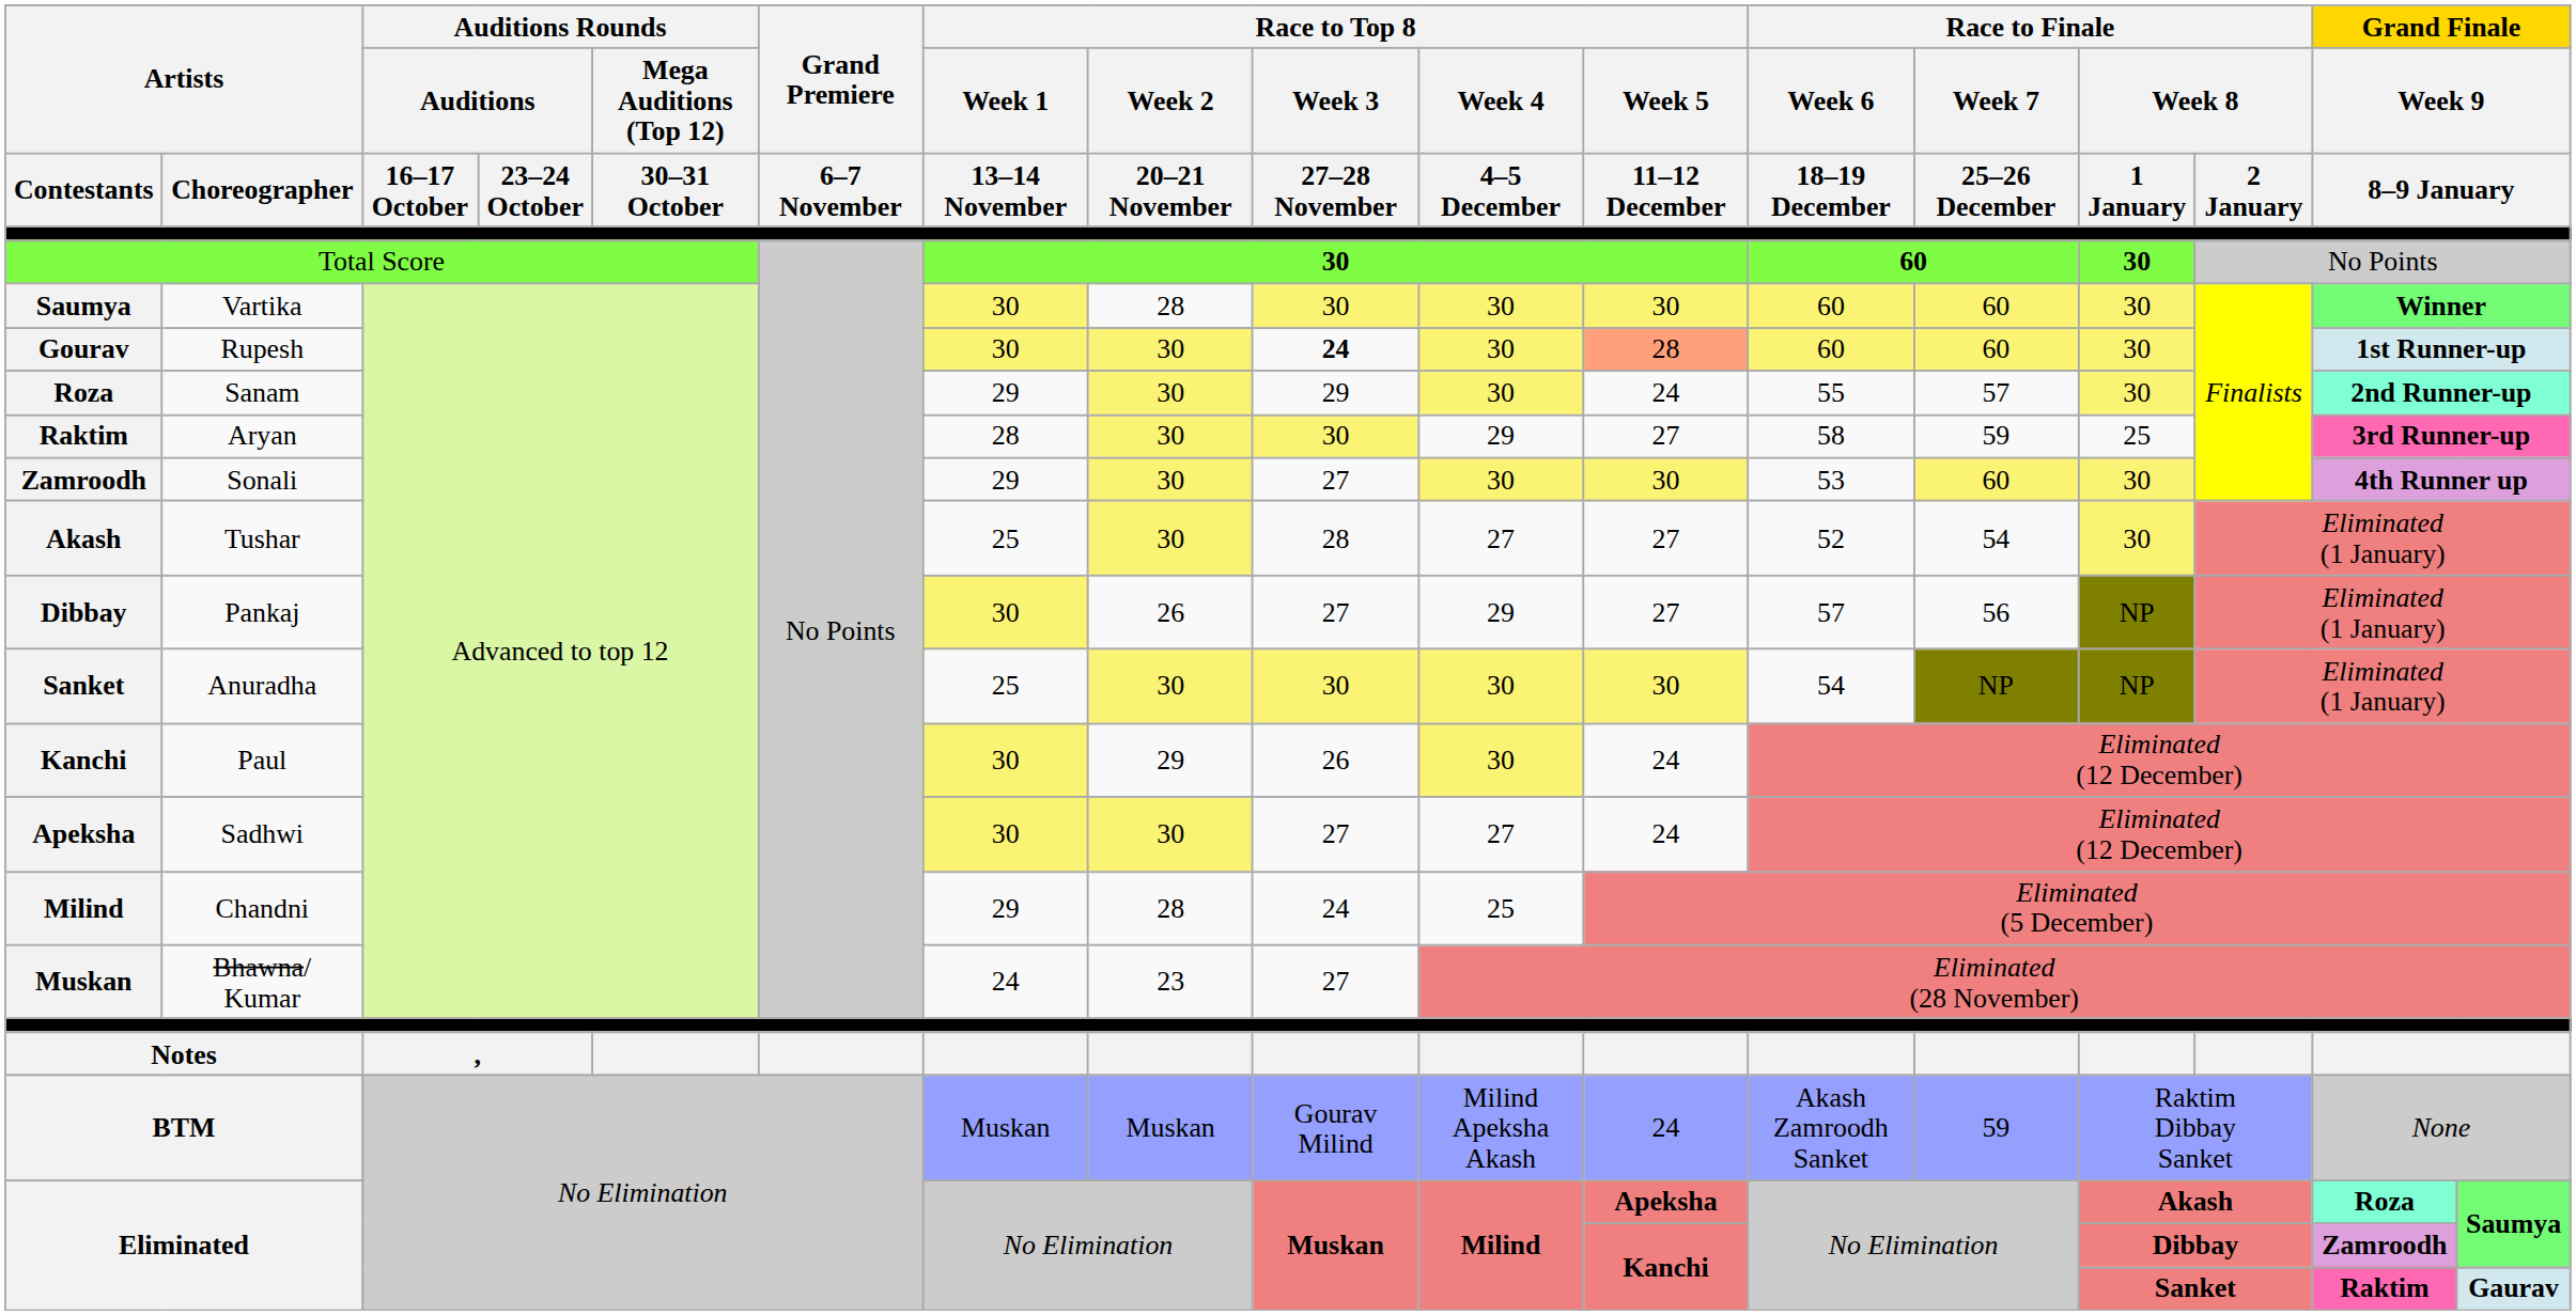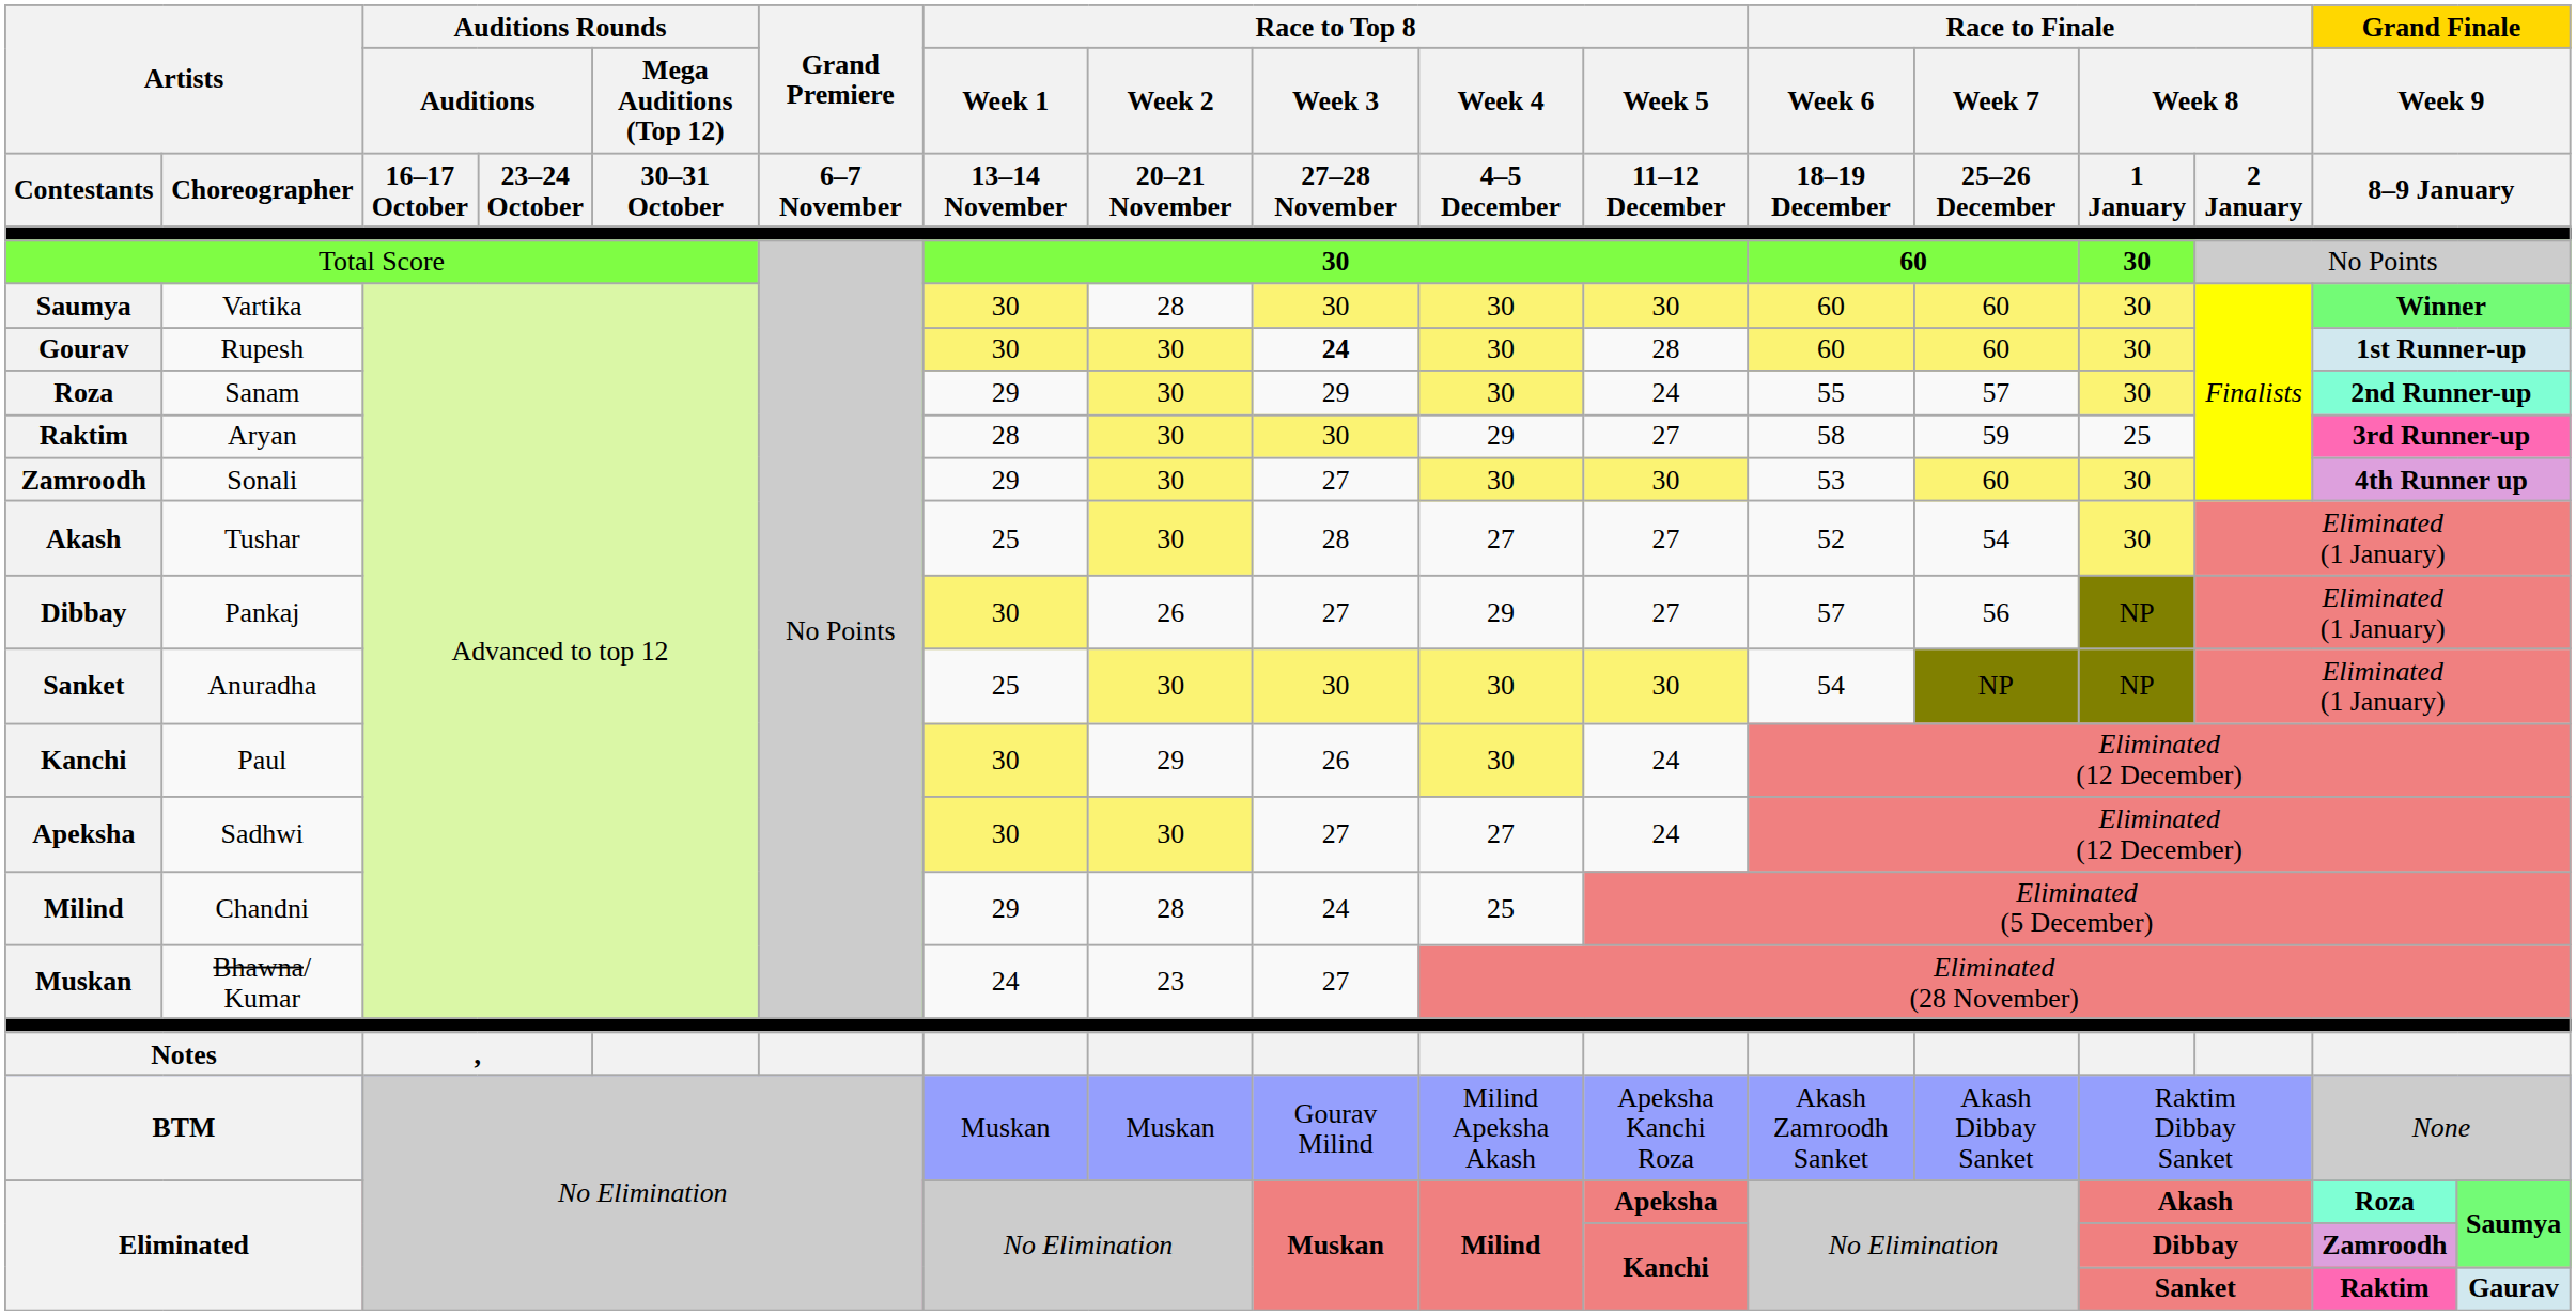 <table class="wikitable" style="text-align:center; width:100%; font-size:85%; line-height:15px;">
 <tr>
 <th colspan="2" rowspan="2" style="width:5%;">Artists</th>
 <th colspan="3" rowspan="1" style="width:6%;">Auditions Rounds</th>
 <th rowspan="2" style="width:6%; red-space:nowrap;">Grand Premiere</th>
 <th colspan="5" rowspan="1" style="width:6%;">Race to Top 8</th>
 <th colspan="4" rowspan="1" style="width:6%;">Race to Finale</th>
 <th colspan="2" style="width:6%; white-Pspace:nowrap; background:Gold;">Grand Finale</th>
 </tr>
 <tr>
 <th rowspan="1"colspan="2" style="width:6%; red-space:nowrap;">Auditions</th>
 <th style="width:6%; red-space:nowrap;">Mega Auditions (Top 12)</th>
 <th style="width:6%;red-space:nowrap;">Week 1</th>
 <th style="width:6%; red-space:nowrap;">Week 2</th>
 <th style="width:6%; red-Pspace:nowrap;">Week 3</th>
 <th style="width:6%; red-space:nowrap;">Week 4</th>
 <th style="width:6%; red-space:nowrap;">Week 5</th>
 <th style="width:6%; red-space:nowrap;">Week 6</th>
 <th style="width:6%; blue-space:nowrap;">Week 7</th>
 <th colspan="2" style="width:6%; red-space:nowrap;">Week 8</th>
 <th colspan="2">Week 9</th>
 </tr>
 <tr>
 <th>Contestants</th>
 <th>Choreographer</th>
 <th>16–17 October </th>
 <th>23–24 October </th>
 <th>30–31 October </th>
 <th>6–7 November</th>
 <th>13–14 November</th>
 <th>20–21 November</th>
 <th>27–28 November</th>
 <th>4–5 December</th>
 <th>11–12 December</th>
 <th>18–19 December</th>
 <th>25–26 December</th>
 <th>1 January</th>
 <th>2 January</th>
 <th colspan="2">8–9 January</th>
 </tr>
 <tr style="background:#000"|>
 <td colspan=17></td>
 </tr>
 <tr style="background:#7ffd44;">
 <td colspan="5">Total Score</td>
 <td rowspan="13" style="background:#ccc;">No Points</td>
 <td colspan="5"><strong>30</strong></td>
 <td colspan="2"><strong>60</strong></td>
 <td><strong>30</strong></td>
 <td colspan="3" style="background:#ccc;">No Points</td>
 </tr>
 <tr>
 <th>Saumya</th>
 <td>Vartika</td>
 <td rowspan="12" colspan="3" style="background:#daf7a6;">Advanced to top 12</td>
 <td style="background:#FBF373">30</td>
 <td>28</td>
 <td style="background:#FBF373">30</td>
 <td style="background:#FBF373">30</td>
 <td style="background:#FBF373">30</td>
 <td style="background:#FBF373">60</td>
 <td style="background:#FBF373">60</td>
 <td style="background:#FBF373">30</td>
 <td rowspan="5" style="background:yellow"><em>Finalists</em></td>
 <td colspan="2" style="background:#73FB76"><strong>Winner</strong></td>
 </tr>
 <tr>
 <th>Gourav</th>
 <td>Rupesh</td>
 <td style="background:#FBF373">30</td>
 <td style="background:#FBF373">30</td>
 <td><strong>24</strong></td>
 <td style="background:#FBF373">30</td>
-<td style="background: lightsalmon;">28</td>
+<td>28</td>
 <td style="background:#FBF373">60</td>
 <td style="background:#FBF373">60</td>
 <td style="background:#FBF373">30</td>
 <td colspan="2" style="background:#D1E8EF"><strong>1st Runner-up</strong></td>
 </tr>
 <tr>
 <th>Roza</th>
 <td>Sanam</td>
 <td>29</td>
 <td style="background:#FBF373">30</td>
 <td>29</td>
 <td style="background:#FBF373">30</td>
 <td>24</td>
 <td>55</td>
 <td>57</td>
 <td style="background:#FBF373">30</td>
 <td colspan="2" style="background:#7FFFD4"><strong>2nd Runner-up</strong></td>
 </tr>
 <tr>
 <th>Raktim</th>
 <td>Aryan</td>
 <td>28</td>
 <td style="background:#FBF373">30</td>
 <td style="background:#FBF373">30</td>
 <td>29</td>
 <td>27</td>
 <td>58</td>
 <td>59</td>
 <td>25</td>
 <td colspan="2" style="background:#FF69B4;"><strong>3rd Runner-up</strong></td>
 </tr>
 <tr>
 <th>Zamroodh</th>
 <td>Sonali</td>
 <td>29</td>
 <td style="background:#FBF373">30</td>
 <td>27</td>
 <td style="background:#FBF373">30</td>
 <td style="background:#FBF373">30</td>
 <td>53</td>
 <td style="background:#FBF373">60</td>
 <td style="background:#FBF373">30</td>
 <td colspan="2"  style="background:#DDA0DD; text-align:center;"><strong>4th Runner up</strong></td>
 </tr>
 <tr>
 <th>Akash</th>
 <td>Tushar</td>
 <td>25</td>
 <td style="background:#FBF373">30</td>
 <td>28</td>
 <td>27</td>
 <td>27</td>
 <td>52</td>
 <td>54</td>
 <td style="background:#FBF373">30</td>
 <td colspan="3" style="background:#F08080"><em>Eliminated</em> <br>(1 January)</td>
 </tr>
 <tr>
 <th>Dibbay</th>
 <td>Pankaj</td>
 <td style="background:#FBF373">30</td>
 <td>26</td>
 <td>27</td>
 <td>29</td>
 <td>27</td>
 <td>57</td>
 <td>56</td>
 <td style="background:#808000">NP</td>
 <td colspan="3" style="background:#F08080"><em>Eliminated</em> <br>(1 January)</td>
 </tr>
 <tr>
 <th>Sanket</th>
 <td>Anuradha</td>
 <td>25</td>
 <td style="background:#FBF373">30</td>
 <td style="background:#FBF373">30</td>
 <td style="background:#FBF373">30</td>
 <td style="background:#FBF373">30</td>
 <td>54</td>
 <td style="background:#808000">NP</td>
 <td style="background:#808000">NP</td>
 <td colspan="3" style="background:#F08080"><em>Eliminated</em> <br>(1 January)</td>
 </tr>
 <tr>
 <th>Kanchi</th>
 <td>Paul</td>
 <td style="background:#FBF373">30</td>
 <td>29</td>
 <td>26</td>
 <td style="background:#FBF373">30</td>
 <td>24</td>
 <td colspan="6" style="background:#F08080"><em>Eliminated</em> <br>(12 December)</td>
 </tr>
 <tr>
 <th>Apeksha</th>
 <td>Sadhwi</td>
 <td style="background:#FBF373">30</td>
 <td style="background:#FBF373">30</td>
 <td>27</td>
 <td>27</td>
 <td>24</td>
 <td colspan="6" style="background:#F08080"><em>Eliminated</em> <br>(12 December)</td>
 </tr>
 <tr>
 <th>Milind</th>
 <td>Chandni</td>
 <td>29</td>
 <td>28</td>
 <td>24</td>
 <td>25</td>
 <td colspan="7" style="background:#F08080"><em>Eliminated</em> <br>(5 December)</td>
 </tr>
 <tr>
 <th>Muskan</th>
 <td><s>Bhawna</s>/<br>Kumar</td>
 <td>24</td>
 <td>23</td>
 <td>27</td>
 <td colspan="8" style="background:#F08080"><em>Eliminated</em> <br>(28 November)</td>
 </tr>
 <tr style="background:#000"|>
 <td colspan=17></td>
 </tr>
 <tr>
 <th colspan="2">Notes</th>
 <th colspan="2">,</th>
 <th></th>
 <th></th>
 <th></th>
 <th></th>
 <th></th>
 <th></th>
 <th></th>
 <th></th>
 <th></th>
 <th></th>
 <th></th>
 <th colspan="2"></th>
 </tr>
 <tr style="background:#959FFD"|>
 <th colspan="2">BTM</th>
 <td colspan="4" rowspan="4" style="background:#ccc"><em>No Elimination</em></td>
 <td>Muskan</td>
 <td>Muskan</td>
 <td>Gourav<br>Milind</td>
 <td>Milind<br>Apeksha<br>Akash</td>
-<td>24</td>
+<td>Apeksha<br>Kanchi<br>Roza</td>
 <td>Akash<br>Zamroodh<br>Sanket</td>
-<td>59</td>
+<td>Akash<br>Dibbay<br>Sanket</td>
 <td colspan="2">Raktim<br>Dibbay<br>Sanket</td>
 <td colspan="2" style="background:#ccc"><em>None</em></td>
 </tr>
 <tr style="background:#F08080" |>
 <th colspan="2" rowspan="3">Eliminated</th>
 <td colspan="2" rowspan="3" style="background:#ccc"><em>No Elimination</em></td>
 <td rowspan="3"><strong>Muskan</strong></td>
 <td rowspan="3"><strong>Milind</strong></td>
 <td><strong>Apeksha</strong></td>
 <td colspan="2" rowspan="3" style="background:#ccc"><em>No Elimination</em></td>
 <td colspan="2"><strong>Akash</strong></td>
 <td style="background:#7FFFD4"><strong>Roza</strong></td>
 <td rowspan="2" style="background:#73FB76"><strong>Saumya</strong></td>
 </tr>
 <tr style="background:#F08080">
 <td rowspan="2"><strong>Kanchi</strong></td>
 <td colspan="2"><strong>Dibbay</strong></td>
 <td style="background:#DDA0DD; text-align:center;"><strong>Zamroodh</strong></td>
 </tr>
 <tr style="background:#F08080">
 <td colspan="2"><strong>Sanket</strong></td>
 <td style="background:#FF69B4;"><strong>Raktim</strong></td>
 <td style="background:#D1E8EF"><strong>Gaurav</strong></td>
 </tr>
 </table>
